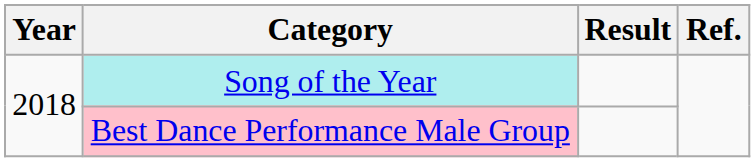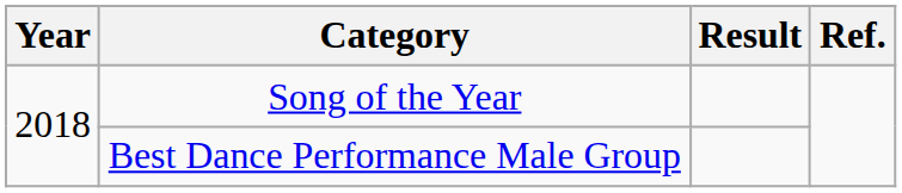 <table class="wikitable" style="text-align:center">
 <tr>
 <th>Year</th>
 <th>Category</th>
 <th>Result</th>
 <th>Ref.</th>
 </tr>
 <tr>
 <td rowspan=2>2018</td>
-<td style="background: paleturquoise;"><a href='#'>Song of the Year</a></td>
+<td><a href='#'>Song of the Year</a></td>
 <td></td>
 <td rowspan=2></td>
 </tr>
 <tr>
-<td style="background: pink;"><a href='#'>Best Dance Performance Male Group</a></td>
+<td><a href='#'>Best Dance Performance Male Group</a></td>
 <td></td>
 </tr>
 </table>
